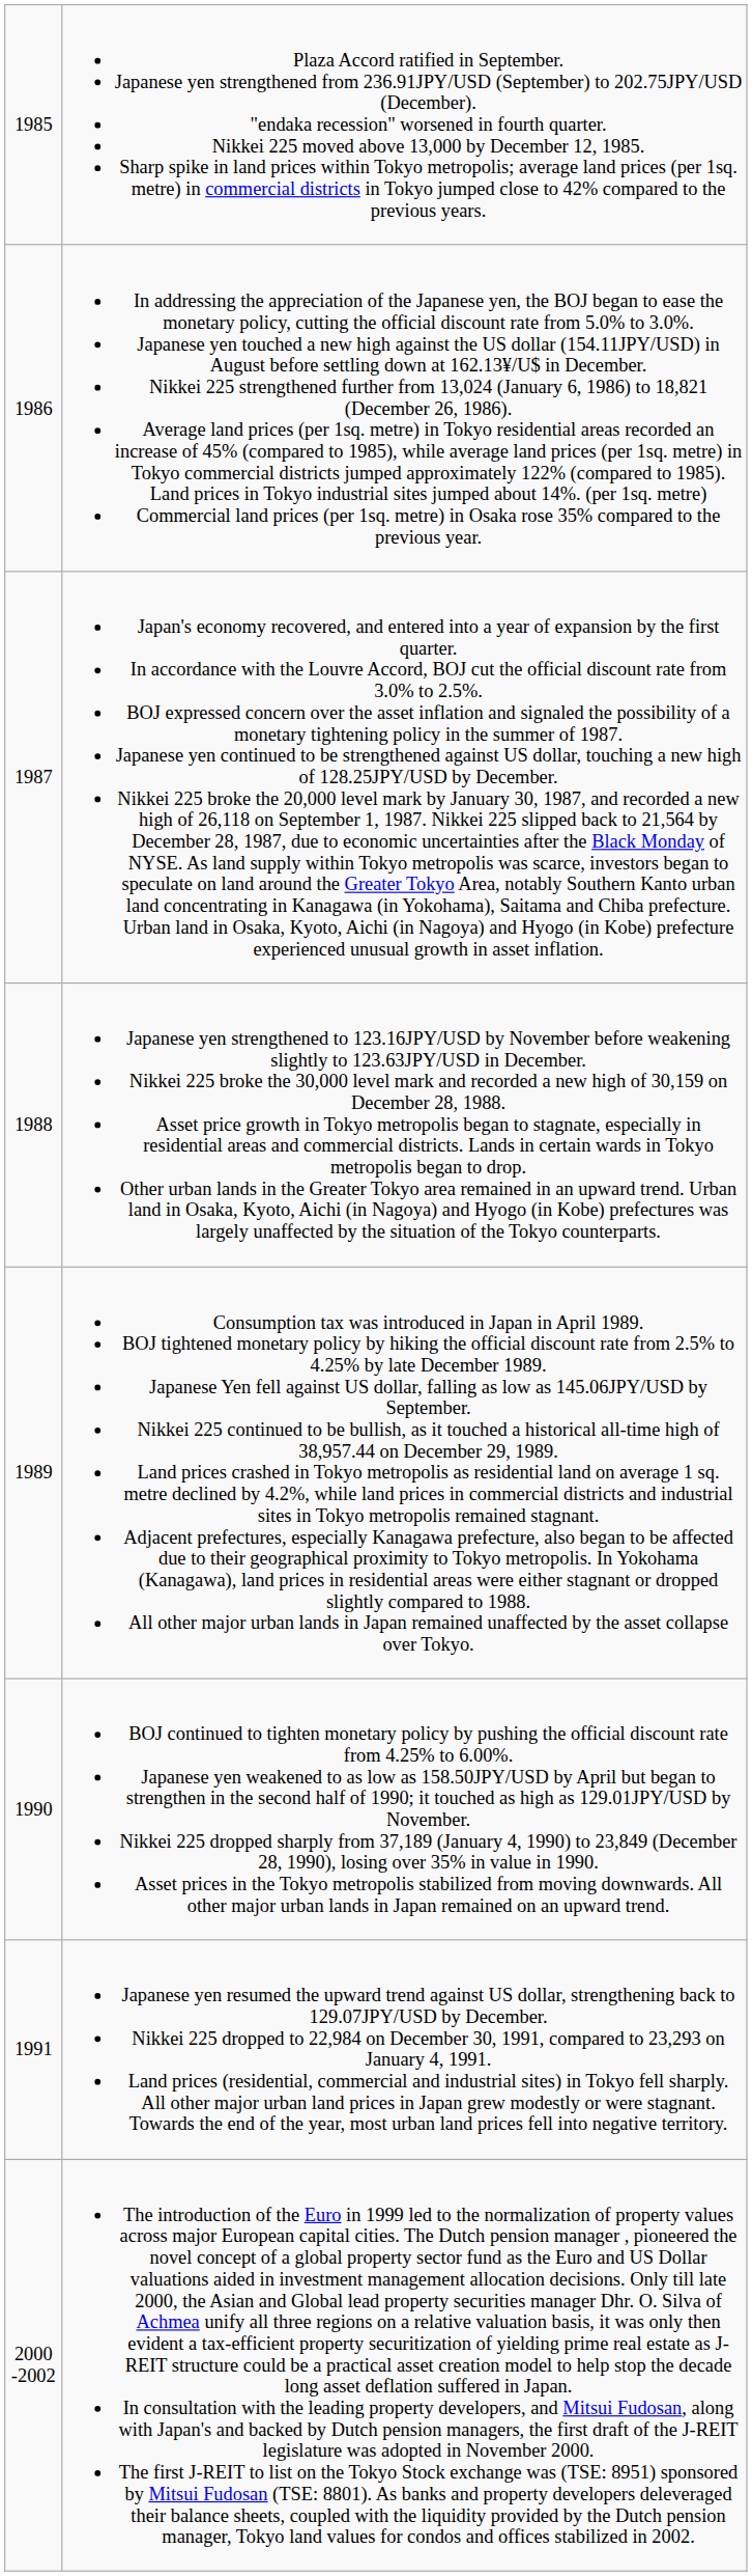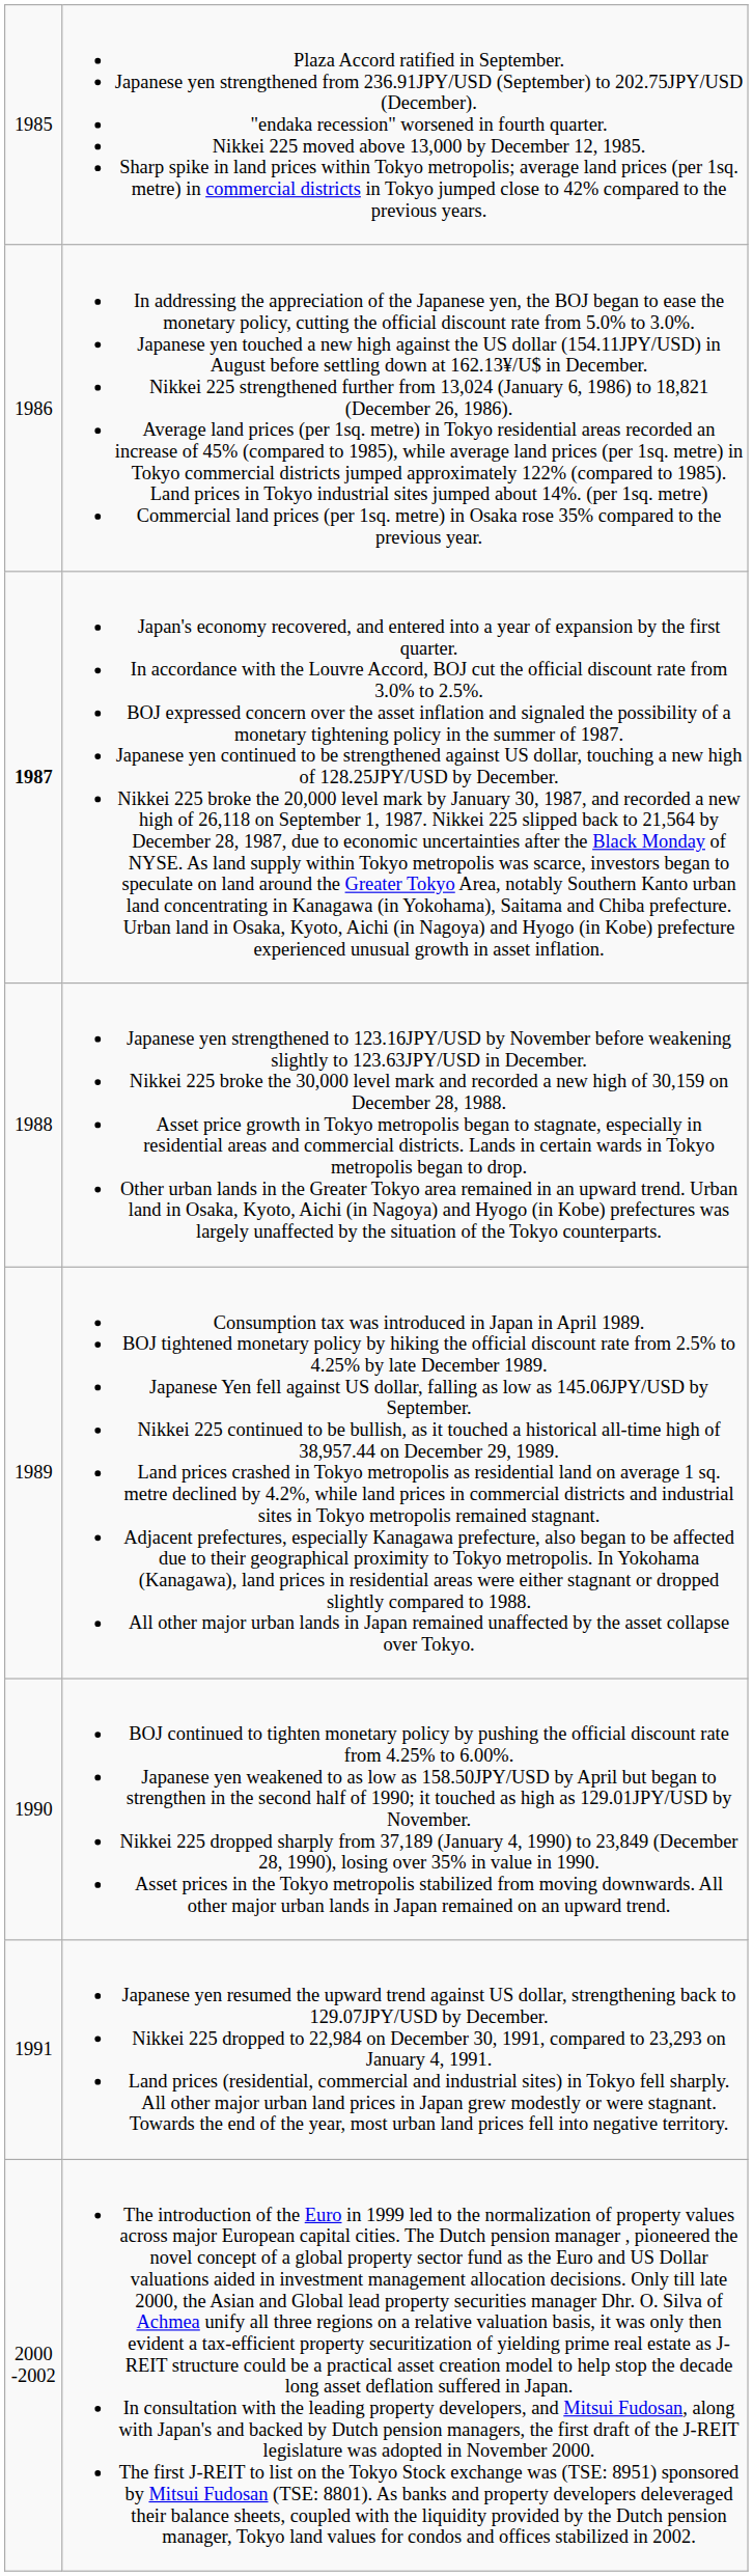 <table class="wikitable" style="text-align:center;" width="100%%">
 <tr>
 <td>1985</td>
 <td><br><ul><li>Plaza Accord ratified in September.</li><li>Japanese yen strengthened from 236.91JPY/USD (September) to 202.75JPY/USD (December).</li><li>"endaka recession" worsened in fourth quarter.</li><li>Nikkei 225 moved above 13,000 by December 12, 1985.</li><li>Sharp spike in land prices within Tokyo metropolis; average land prices (per 1sq. metre) in <a href='#'>commercial districts</a> in Tokyo jumped close to 42% compared to the previous years.</li></ul></td>
 </tr>
 <tr>
 <td>1986</td>
 <td><br><ul><li>In addressing the appreciation of the Japanese yen, the BOJ began to ease the monetary policy, cutting the official discount rate from 5.0% to 3.0%.</li><li>Japanese yen touched a new high against the US dollar (154.11JPY/USD) in August before settling down at 162.13¥/U$ in December.</li><li>Nikkei 225 strengthened further from 13,024 (January 6, 1986) to 18,821 (December 26, 1986).</li><li>Average land prices (per 1sq. metre) in Tokyo residential areas recorded an increase of 45% (compared to 1985), while average land prices (per 1sq. metre) in Tokyo commercial districts jumped approximately 122% (compared to 1985). Land prices in Tokyo industrial sites jumped about 14%. (per 1sq. metre)</li><li>Commercial land prices (per 1sq. metre) in Osaka rose 35% compared to the previous year.</li></ul></td>
 </tr>
 <tr>
-<td>1987</td>
+<td><strong>1987</strong></td>
 <td><br><ul><li>Japan's economy recovered, and entered into a year of expansion by the first quarter.</li><li>In accordance with the Louvre Accord, BOJ cut the official discount rate from 3.0% to 2.5%.</li><li>BOJ expressed concern over the asset inflation and signaled the possibility of a monetary tightening policy in the summer of 1987.</li><li>Japanese yen continued to be strengthened against US dollar, touching a new high of 128.25JPY/USD by December.</li><li>Nikkei 225 broke the 20,000 level mark by January 30, 1987, and recorded a new high of 26,118 on September 1, 1987. Nikkei 225 slipped back to 21,564 by December 28, 1987, due to economic uncertainties after the <a href='#'>Black Monday</a> of NYSE. As land supply within Tokyo metropolis was scarce, investors began to speculate on land around the <a href='#'>Greater Tokyo</a> Area, notably Southern Kanto urban land concentrating in Kanagawa (in Yokohama), Saitama and Chiba prefecture. Urban land in Osaka, Kyoto, Aichi (in Nagoya) and Hyogo (in Kobe) prefecture experienced unusual growth in asset inflation.</li></ul></td>
 </tr>
 <tr>
 <td>1988</td>
 <td><br><ul><li>Japanese yen strengthened to 123.16JPY/USD by November before weakening slightly to 123.63JPY/USD in December.</li><li>Nikkei 225 broke the 30,000 level mark and recorded a new high of 30,159 on December 28, 1988.</li><li>Asset price growth in Tokyo metropolis began to stagnate, especially in residential areas and commercial districts. Lands in certain wards in Tokyo metropolis began to drop.</li><li>Other urban lands in the Greater Tokyo area remained in an upward trend. Urban land in Osaka, Kyoto, Aichi (in Nagoya) and Hyogo (in Kobe) prefectures was largely unaffected by the situation of the Tokyo counterparts.</li></ul></td>
 </tr>
 <tr>
 <td>1989</td>
 <td><br><ul><li>Consumption tax was introduced in Japan in April 1989.</li><li>BOJ tightened monetary policy by hiking the official discount rate from 2.5% to 4.25% by late December 1989.</li><li>Japanese Yen fell against US dollar, falling as low as 145.06JPY/USD by September.</li><li>Nikkei 225 continued to be bullish, as it touched a historical all-time high of 38,957.44 on December 29, 1989.</li><li>Land prices crashed in Tokyo metropolis as residential land on average 1 sq. metre declined by 4.2%, while land prices in commercial districts and industrial sites in Tokyo metropolis remained stagnant.</li><li>Adjacent prefectures, especially Kanagawa prefecture, also began to be affected due to their geographical proximity to Tokyo metropolis. In Yokohama (Kanagawa), land prices in residential areas were either stagnant or dropped slightly compared to 1988.</li><li>All other major urban lands in Japan remained unaffected by the asset collapse over Tokyo.</li></ul></td>
 </tr>
 <tr>
 <td>1990</td>
 <td><br><ul><li>BOJ continued to tighten monetary policy by pushing the official discount rate from 4.25% to 6.00%.</li><li>Japanese yen weakened to as low as 158.50JPY/USD by April but began to strengthen in the second half of 1990; it touched as high as 129.01JPY/USD by November.</li><li>Nikkei 225 dropped sharply from 37,189 (January 4, 1990) to 23,849 (December 28, 1990), losing over 35% in value in 1990.</li><li>Asset prices in the Tokyo metropolis stabilized from moving downwards. All other major urban lands in Japan remained on an upward trend.</li></ul></td>
 </tr>
 <tr>
 <td>1991</td>
 <td><br><ul><li>Japanese yen resumed the upward trend against US dollar, strengthening back to 129.07JPY/USD by December.</li><li>Nikkei 225 dropped to 22,984 on December 30, 1991, compared to 23,293 on January 4, 1991.</li><li>Land prices (residential, commercial and industrial sites) in Tokyo fell sharply. All other major urban land prices in Japan grew modestly or were stagnant. Towards the end of the year, most urban land prices fell into negative territory.</li></ul></td>
 </tr>
 <tr>
 <td>2000 -2002</td>
 <td><br><ul><li>The introduction of the <a href='#'>Euro</a> in 1999 led to the normalization of property values across major European capital cities. The Dutch pension manager ,  pioneered the novel concept of a global property sector fund as the Euro and US Dollar valuations aided in investment management allocation decisions. Only till late 2000, the Asian and Global lead property securities manager Dhr. O. Silva of <a href='#'>Achmea</a> unify all three regions on a relative valuation basis, it was only then evident a tax-efficient property securitization of yielding prime real estate as J-REIT structure could be a practical  asset creation model to help stop the decade long asset deflation suffered in Japan.</li><li>In consultation with the leading property developers,   and <a href='#'>Mitsui Fudosan</a>, along with Japan's  and backed by Dutch pension managers, the first draft of the J-REIT legislature was adopted in November 2000.</li><li>The first J-REIT to list on the Tokyo Stock exchange was  (TSE: 8951)  sponsored by <a href='#'>Mitsui Fudosan</a> (TSE: 8801). As banks and property developers deleveraged their balance sheets, coupled with the liquidity provided by the Dutch pension manager, Tokyo land values for condos and offices stabilized in 2002.</li></ul></td>
 </tr>
 </table>
